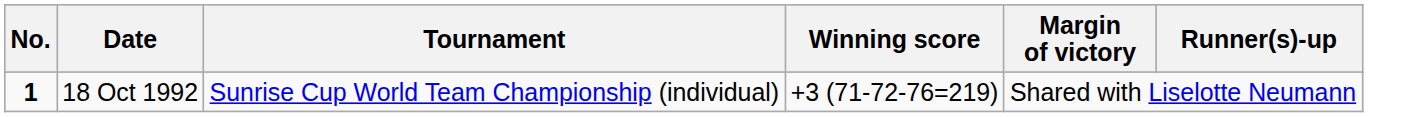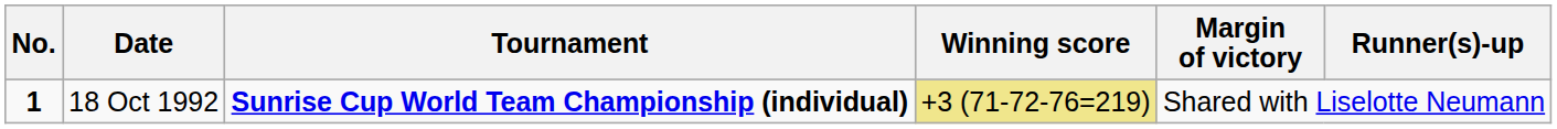 <table class="wikitable" style="font-size:95%;">
 <tr>
 <th>No.</th>
 <th>Date</th>
 <th>Tournament</th>
 <th>Winning score</th>
 <th>Margin<br>of victory</th>
 <th>Runner(s)-up</th>
 </tr>
 <tr>
 <td align=center><strong>1</strong></td>
 <td align="right">18 Oct 1992</td>
-<td><a href='#'>Sunrise Cup World Team Championship</a> (individual)</td>
-<td>+3  (71-72-76=219)</td>
+<td><strong><a href='#'>Sunrise Cup World Team Championship</a> (individual)</strong></td>
+<td style="background: khaki;">+3  (71-72-76=219)</td>
 <td colspan="2">Shared with  <a href='#'>Liselotte Neumann</a></td>
 </tr>
 </table>
